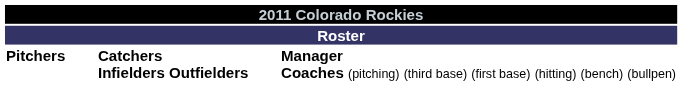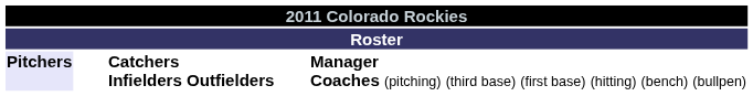 <table class="toccolours" style="font-size: 95%;">
 <tr>
 <th colspan="10" style="background-color: #000000; color: #C4CED4; text-align: center;">2011 Colorado Rockies</th>
 </tr>
 <tr>
 <td colspan="10" style="background-color: #333366; color: #FFFFFF; text-align: center;"><strong>Roster</strong></td>
 </tr>
 <tr>
-<td valign="top"><strong>Pitchers</strong><br>                            </td>
+<td valign="top" style="background: lavender;"><strong>Pitchers</strong><br>                            </td>
 <td width="25px"></td>
 <td valign="top"><strong>Catchers</strong><br>     <strong>Infielders</strong>               <strong>Outfielders</strong>       </td>
 <td width="25px"></td>
 <td valign="top"><strong>Manager</strong><br> <strong>Coaches</strong>  <small>(pitching)</small>  <small>(third base)</small>  <small>(first base)</small>  <small>(hitting)</small>  <small>(bench)</small>  <small>(bullpen)</small></td>
 </tr>
 <tr>
 </tr>
 </table>
